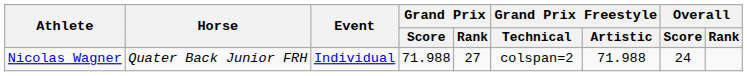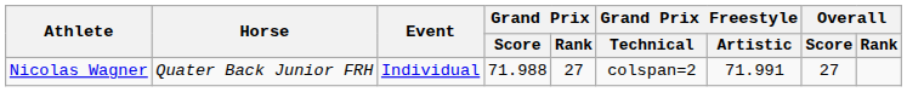 <table class=wikitable style="font-size:90%; text-align:center;">
 <tr>
 <th rowspan=2>Athlete</th>
 <th rowspan=2>Horse</th>
 <th rowspan=2>Event</th>
 <th colspan=2>Grand Prix</th>
 <th colspan=2>Grand Prix Freestyle</th>
 <th colspan=2>Overall</th>
 </tr>
 <tr style=font-size:95%>
 <th>Score</th>
 <th>Rank</th>
 <th>Technical</th>
 <th>Artistic</th>
 <th>Score</th>
 <th>Rank</th>
 </tr>
 <tr>
 <td align=left><a href='#'>Nicolas Wagner</a></td>
 <td align=left><em>Quater Back Junior FRH</em></td>
 <td align=left><a href='#'>Individual</a></td>
 <td>71.988</td>
 <td>27</td>
 <td>colspan=2 </td>
-<td>71.988</td>
-<td>24</td>
+<td>71.991</td>
+<td>27</td>
 </tr>
 </table>
